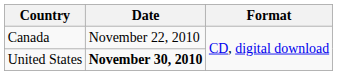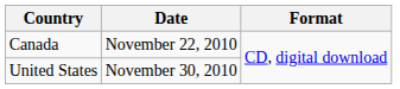 <table class="wikitable">
 <tr>
 <th>Country</th>
 <th>Date</th>
 <th>Format</th>
 </tr>
 <tr>
 <td>Canada</td>
 <td>November 22, 2010</td>
 <td rowspan="2"><a href='#'>CD</a>, <a href='#'>digital download</a></td>
 </tr>
 <tr>
 <td>United States</td>
-<td><strong>November 30, 2010</strong></td>
+<td>November 30, 2010</td>
 </tr>
 </table>
